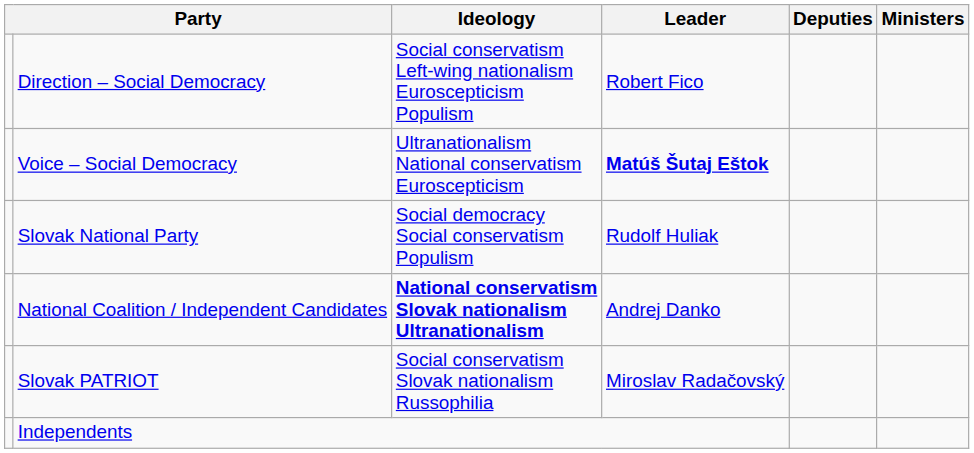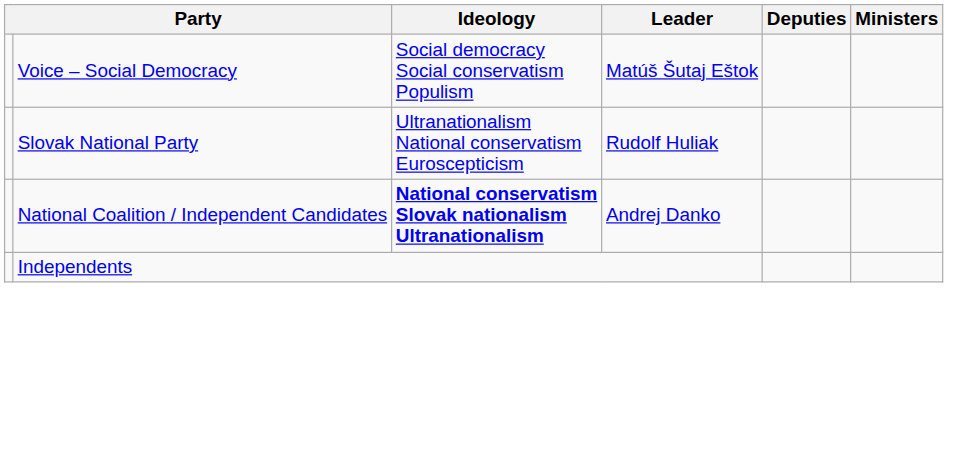 <table class="wikitable" style="text-align:left">
 <tr>
 <th colspan="2">Party</th>
 <th>Ideology</th>
 <th>Leader</th>
 <th>Deputies</th>
 <th>Ministers</th>
 </tr>
 <tr>
 <td style="background:"></td>
-<td><a href='#'>Direction – Social Democracy</a><br></td>
-<td><a href='#'>Social conservatism</a><br><a href='#'>Left-wing nationalism</a><br><a href='#'>Euroscepticism</a><br><a href='#'>Populism</a></td>
-<td><a href='#'>Robert Fico</a></td>
-<td></td>
-<td></td>
-</tr>
-<tr>
-<td style="background:"></td>
 <td><a href='#'>Voice – Social Democracy</a><br></td>
-<td><a href='#'>Ultranationalism</a><br><a href='#'>National conservatism</a><br><a href='#'>Euroscepticism</a></td>
-<td><strong><a href='#'>Matúš Šutaj Eštok</a></strong></td>
+<td><a href='#'>Social democracy</a><br><a href='#'>Social conservatism</a><br><a href='#'>Populism</a></td>
+<td><a href='#'>Matúš Šutaj Eštok</a></td>
 <td></td>
 <td></td>
 </tr>
 <tr>
 <td style="background:"></td>
 <td><a href='#'>Slovak National Party</a><br></td>
-<td><a href='#'>Social democracy</a><br><a href='#'>Social conservatism</a><br><a href='#'>Populism</a></td>
+<td><a href='#'>Ultranationalism</a><br><a href='#'>National conservatism</a><br><a href='#'>Euroscepticism</a></td>
 <td><a href='#'>Rudolf Huliak</a></td>
 <td></td>
 <td></td>
 </tr>
 <tr>
 <td style="background:"></td>
 <td><a href='#'>National Coalition / Independent Candidates</a><br></td>
 <td><strong><a href='#'>National conservatism</a><br><a href='#'>Slovak nationalism</a><br><a href='#'>Ultranationalism</a></strong></td>
 <td><a href='#'>Andrej Danko</a></td>
 <td></td>
 <td></td>
 </tr>
 <tr>
 <td style="background:"></td>
-<td><a href='#'>Slovak PATRIOT</a><br></td>
-<td><a href='#'>Social conservatism</a><br><a href='#'>Slovak nationalism</a><br><a href='#'>Russophilia</a></td>
-<td><a href='#'>Miroslav Radačovský</a></td>
-<td></td>
-<td></td>
-</tr>
-<tr>
-<td style="background:"></td>
 <td colspan="3"><a href='#'>Independents</a></td>
 <td></td>
 <td></td>
 </tr>
 </table>
